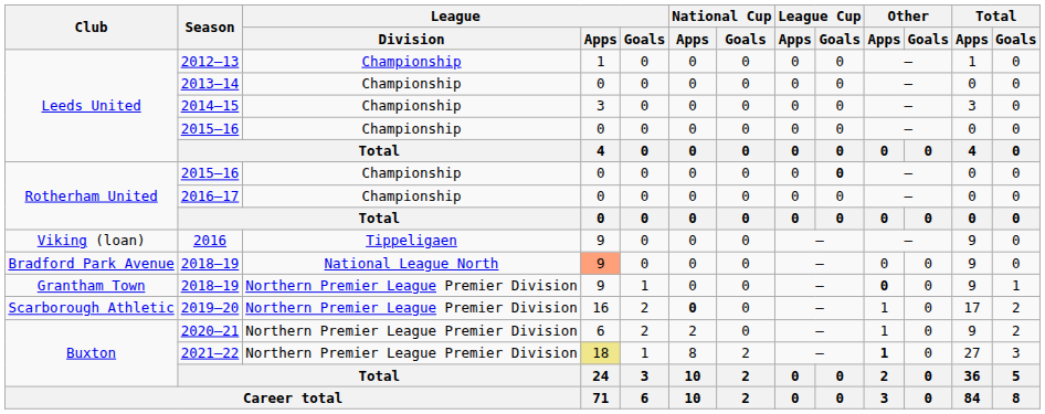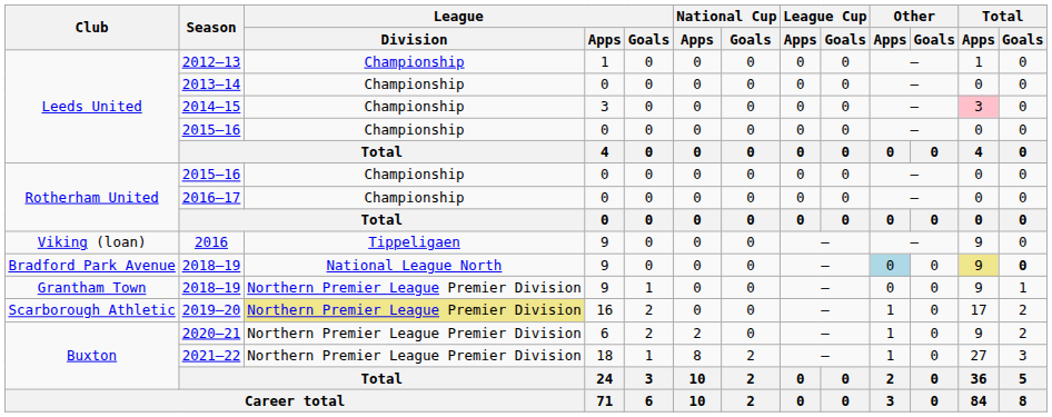 <table class="wikitable" style="text-align: center;">
 <tr>
 <th rowspan="2">Club</th>
 <th rowspan="2">Season</th>
 <th colspan="3">League</th>
 <th colspan="2">National Cup</th>
 <th colspan="2">League Cup</th>
 <th colspan="2">Other</th>
 <th colspan="2">Total</th>
 </tr>
 <tr>
 <th>Division</th>
 <th>Apps</th>
 <th>Goals</th>
 <th>Apps</th>
 <th>Goals</th>
 <th>Apps</th>
 <th>Goals</th>
 <th>Apps</th>
 <th>Goals</th>
 <th>Apps</th>
 <th>Goals</th>
 </tr>
 <tr>
 <td rowspan="5"><a href='#'>Leeds United</a></td>
 <td><a href='#'>2012–13</a></td>
 <td><a href='#'>Championship</a></td>
 <td>1</td>
 <td>0</td>
 <td>0</td>
 <td>0</td>
 <td>0</td>
 <td>0</td>
 <td colspan="2">—</td>
 <td>1</td>
 <td>0</td>
 </tr>
 <tr>
 <td><a href='#'>2013–14</a></td>
 <td>Championship</td>
 <td>0</td>
 <td>0</td>
 <td>0</td>
 <td>0</td>
 <td>0</td>
 <td>0</td>
 <td colspan="2">—</td>
 <td>0</td>
 <td>0</td>
 </tr>
 <tr>
 <td><a href='#'>2014–15</a></td>
 <td>Championship</td>
 <td>3</td>
 <td>0</td>
 <td>0</td>
 <td>0</td>
 <td>0</td>
 <td>0</td>
 <td colspan="2">—</td>
-<td>3</td>
+<td style="background: pink;">3</td>
 <td>0</td>
 </tr>
 <tr>
 <td><a href='#'>2015–16</a></td>
 <td>Championship</td>
 <td>0</td>
 <td>0</td>
 <td>0</td>
 <td>0</td>
 <td>0</td>
 <td>0</td>
 <td colspan="2">—</td>
 <td>0</td>
 <td>0</td>
 </tr>
 <tr>
 <th colspan="2">Total</th>
 <th>4</th>
 <th>0</th>
 <th>0</th>
 <th>0</th>
 <th>0</th>
 <th>0</th>
 <th>0</th>
 <th>0</th>
 <th>4</th>
 <th>0</th>
 </tr>
 <tr>
 <td rowspan="3"><a href='#'>Rotherham United</a></td>
 <td><a href='#'>2015–16</a></td>
 <td>Championship</td>
 <td>0</td>
 <td>0</td>
 <td>0</td>
 <td>0</td>
 <td>0</td>
-<td><strong>0</strong></td>
+<td>0</td>
 <td colspan="2">—</td>
 <td>0</td>
 <td>0</td>
 </tr>
 <tr>
 <td><a href='#'>2016–17</a></td>
 <td>Championship</td>
 <td>0</td>
 <td>0</td>
 <td>0</td>
 <td>0</td>
 <td>0</td>
 <td>0</td>
 <td colspan="2">—</td>
 <td>0</td>
 <td>0</td>
 </tr>
 <tr>
 <th colspan="2">Total</th>
 <th>0</th>
 <th>0</th>
 <th>0</th>
 <th>0</th>
 <th>0</th>
 <th>0</th>
 <th>0</th>
 <th>0</th>
 <th>0</th>
 <th>0</th>
 </tr>
 <tr>
 <td><a href='#'>Viking</a> (loan)</td>
 <td><a href='#'>2016</a></td>
 <td><a href='#'>Tippeligaen</a></td>
 <td>9</td>
 <td>0</td>
 <td>0</td>
 <td>0</td>
 <td colspan="2">—</td>
 <td colspan="2">—</td>
 <td>9</td>
 <td>0</td>
 </tr>
 <tr>
 <td><a href='#'>Bradford Park Avenue</a></td>
 <td><a href='#'>2018–19</a></td>
 <td><a href='#'>National League North</a></td>
-<td style="background: lightsalmon;">9</td>
+<td>9</td>
 <td>0</td>
 <td>0</td>
 <td>0</td>
 <td colspan="2">—</td>
+<td style="background: lightblue;">0</td>
 <td>0</td>
-<td>0</td>
-<td>9</td>
-<td>0</td>
+<td style="background: khaki;">9</td>
+<td><strong>0</strong></td>
 </tr>
 <tr>
 <td><a href='#'>Grantham Town</a></td>
 <td><a href='#'>2018–19</a></td>
 <td><a href='#'>Northern Premier League</a> Premier Division</td>
 <td>9</td>
 <td>1</td>
 <td>0</td>
 <td>0</td>
 <td colspan="2">—</td>
-<td><strong>0</strong></td>
+<td>0</td>
 <td>0</td>
 <td>9</td>
 <td>1</td>
 </tr>
 <tr>
 <td><a href='#'>Scarborough Athletic</a></td>
 <td><a href='#'>2019–20</a></td>
-<td><a href='#'>Northern Premier League</a> Premier Division</td>
+<td style="background: khaki;"><a href='#'>Northern Premier League</a> Premier Division</td>
 <td>16</td>
 <td>2</td>
-<td><strong>0</strong></td>
+<td>0</td>
 <td>0</td>
 <td colspan="2">—</td>
 <td>1</td>
 <td>0</td>
 <td>17</td>
 <td>2</td>
 </tr>
 <tr>
 <td rowspan="3"><a href='#'>Buxton</a></td>
 <td><a href='#'>2020–21</a></td>
 <td>Northern Premier League Premier Division</td>
 <td>6</td>
 <td>2</td>
 <td>2</td>
 <td>0</td>
 <td colspan="2">—</td>
 <td>1</td>
 <td>0</td>
 <td>9</td>
 <td>2</td>
 </tr>
 <tr>
 <td><a href='#'>2021–22</a></td>
 <td>Northern Premier League Premier Division</td>
-<td style="background: khaki;">18</td>
+<td>18</td>
 <td>1</td>
 <td>8</td>
 <td>2</td>
 <td colspan="2">—</td>
-<td><strong>1</strong></td>
+<td>1</td>
 <td>0</td>
 <td>27</td>
 <td>3</td>
 </tr>
 <tr>
 <th colspan="2">Total</th>
 <th>24</th>
 <th>3</th>
 <th>10</th>
 <th>2</th>
 <th>0</th>
 <th>0</th>
 <th>2</th>
 <th>0</th>
 <th>36</th>
 <th>5</th>
 </tr>
 <tr>
 <th colspan="3">Career total</th>
 <th>71</th>
 <th>6</th>
 <th>10</th>
 <th>2</th>
 <th>0</th>
 <th>0</th>
 <th>3</th>
 <th>0</th>
 <th>84</th>
 <th>8</th>
 </tr>
 </table>
